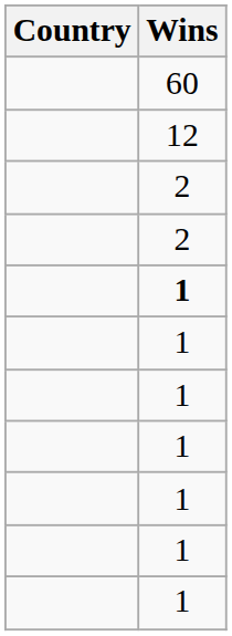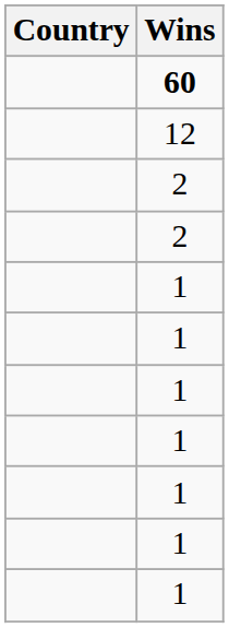 <table class="wikitable sortable">
 <tr>
 <th colspan=1>Country</th>
 <th colspan=1>Wins</th>
 </tr>
 <tr>
 <td align="left"></td>
-<td align="center">60</td>
+<td align="center"><strong>60</strong></td>
 </tr>
 <tr>
 <td align="left"></td>
 <td align="center">12</td>
 </tr>
 <tr>
 <td align="left"></td>
 <td align="center">2</td>
 </tr>
 <tr>
 <td align="left"></td>
 <td align="center">2</td>
 </tr>
 <tr>
 <td align="left"></td>
-<td align="center"><strong>1</strong></td>
+<td align="center">1</td>
 </tr>
 <tr>
 <td align="left"></td>
 <td align="center">1</td>
 </tr>
 <tr>
 <td align="left"></td>
 <td align="center">1</td>
 </tr>
 <tr>
 <td align="left"></td>
 <td align="center">1</td>
 </tr>
 <tr>
 <td align="left"></td>
 <td align="center">1</td>
 </tr>
 <tr>
 <td align="left"></td>
 <td align="center">1</td>
 </tr>
 <tr>
 <td align="left"></td>
 <td align="center">1</td>
 </tr>
 </table>
